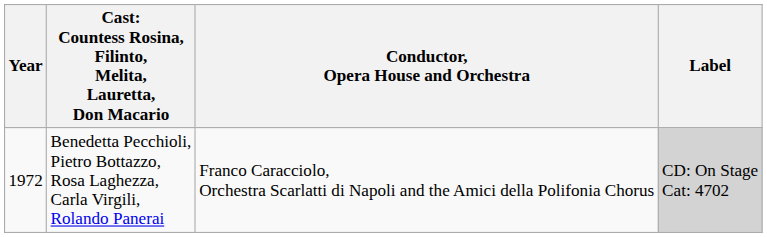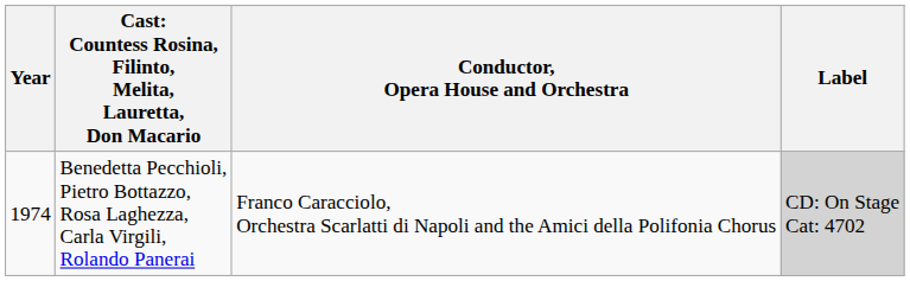 <table class="wikitable">
 <tr>
 <th>Year</th>
 <th>Cast:<br>Countess Rosina,<br>Filinto,<br>Melita,<br>Lauretta,<br>Don Macario</th>
 <th>Conductor,<br>Opera House and Orchestra</th>
 <th>Label</th>
 </tr>
 <tr>
-<td>1972</td>
+<td>1974</td>
 <td>Benedetta Pecchioli,<br>Pietro Bottazzo,<br>Rosa Laghezza,<br>Carla Virgili,<br><a href='#'>Rolando Panerai</a></td>
 <td>Franco Caracciolo,<br>Orchestra Scarlatti di Napoli and the Amici della Polifonia Chorus</td>
 <td style="background: lightgrey;">CD: On Stage<br>Cat: 4702</td>
 </tr>
 </table>
